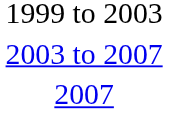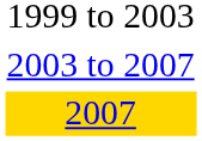 <table id=toc style="float:right">
 <tr>
 <td>1999 to 2003</td>
 </tr>
 <tr>
 <td><a href='#'>2003 to 2007</a></td>
 </tr>
 <tr>
-<td align=center><a href='#'>2007</a></td>
+<td align=center style="background: gold;"><a href='#'>2007</a></td>
 </tr>
 </table>
